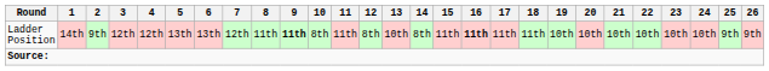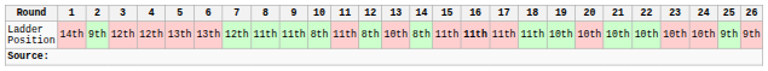 <table class="wikitable">
 <tr>
 <th>Round</th>
 <th>1</th>
 <th>2</th>
 <th>3</th>
 <th>4</th>
 <th>5</th>
 <th>6</th>
 <th>7</th>
 <th>8</th>
 <th>9</th>
 <th>10</th>
 <th>11</th>
 <th>12</th>
 <th>13</th>
 <th>14</th>
 <th>15</th>
 <th>16</th>
 <th>17</th>
 <th>18</th>
 <th>19</th>
 <th>20</th>
 <th>21</th>
 <th>22</th>
 <th>23</th>
 <th>24</th>
 <th>25</th>
 <th>26</th>
 </tr>
 <tr>
 <td>Ladder Position</td>
 <td style="text-align:center; background:#FFCFCF">14th</td>
 <td style="text-align:center; background:#cfc;">9th</td>
 <td style="text-align:center; background:#FFCFCF">12th</td>
 <td style="text-align:center; background:#FFCFCF">12th</td>
 <td style="text-align:center; background:#FFCFCF">13th</td>
 <td style="text-align:center; background:#FFCFCF">13th</td>
 <td style="text-align:center; background:#cfc;">12th</td>
 <td style="text-align:center; background:#cfc;">11th</td>
-<td style="text-align:center; background:#cfc;"><strong>11th</strong></td>
+<td style="text-align:center; background:#cfc;">11th</td>
 <td style="text-align:center; background:#cfc;">8th</td>
 <td style="text-align:center; background:#FFCFCF">11th</td>
 <td style="text-align:center; background:#cfc;">8th</td>
 <td style="text-align:center; background:#FFCFCF">10th</td>
 <td style="text-align:center; background:#cfc;">8th</td>
 <td style="text-align:center; background:#FFCFCF">11th</td>
 <td style="text-align:center; background:#FFCFCF"><strong>11th</strong></td>
 <td style="text-align:center; background:#FFCFCF">11th</td>
 <td style="text-align:center; background:#cfc;">11th</td>
 <td style="text-align:center; background:#cfc;">10th</td>
 <td style="text-align:center; background:#FFCFCF">10th</td>
 <td style="text-align:center; background:#cfc;">10th</td>
 <td style="text-align:center; background:#cfc;">10th</td>
 <td style="text-align:center; background:#FFCFCF">10th</td>
 <td style="text-align:center; background:#FFCFCF">10th</td>
 <td style="text-align:center; background:#cfc;">9th</td>
 <td style="text-align:center; background:#FFCFCF">9th</td>
 </tr>
 <tr>
 <td colspan="27"><strong>Source:</strong> </td>
 </tr>
 </table>
